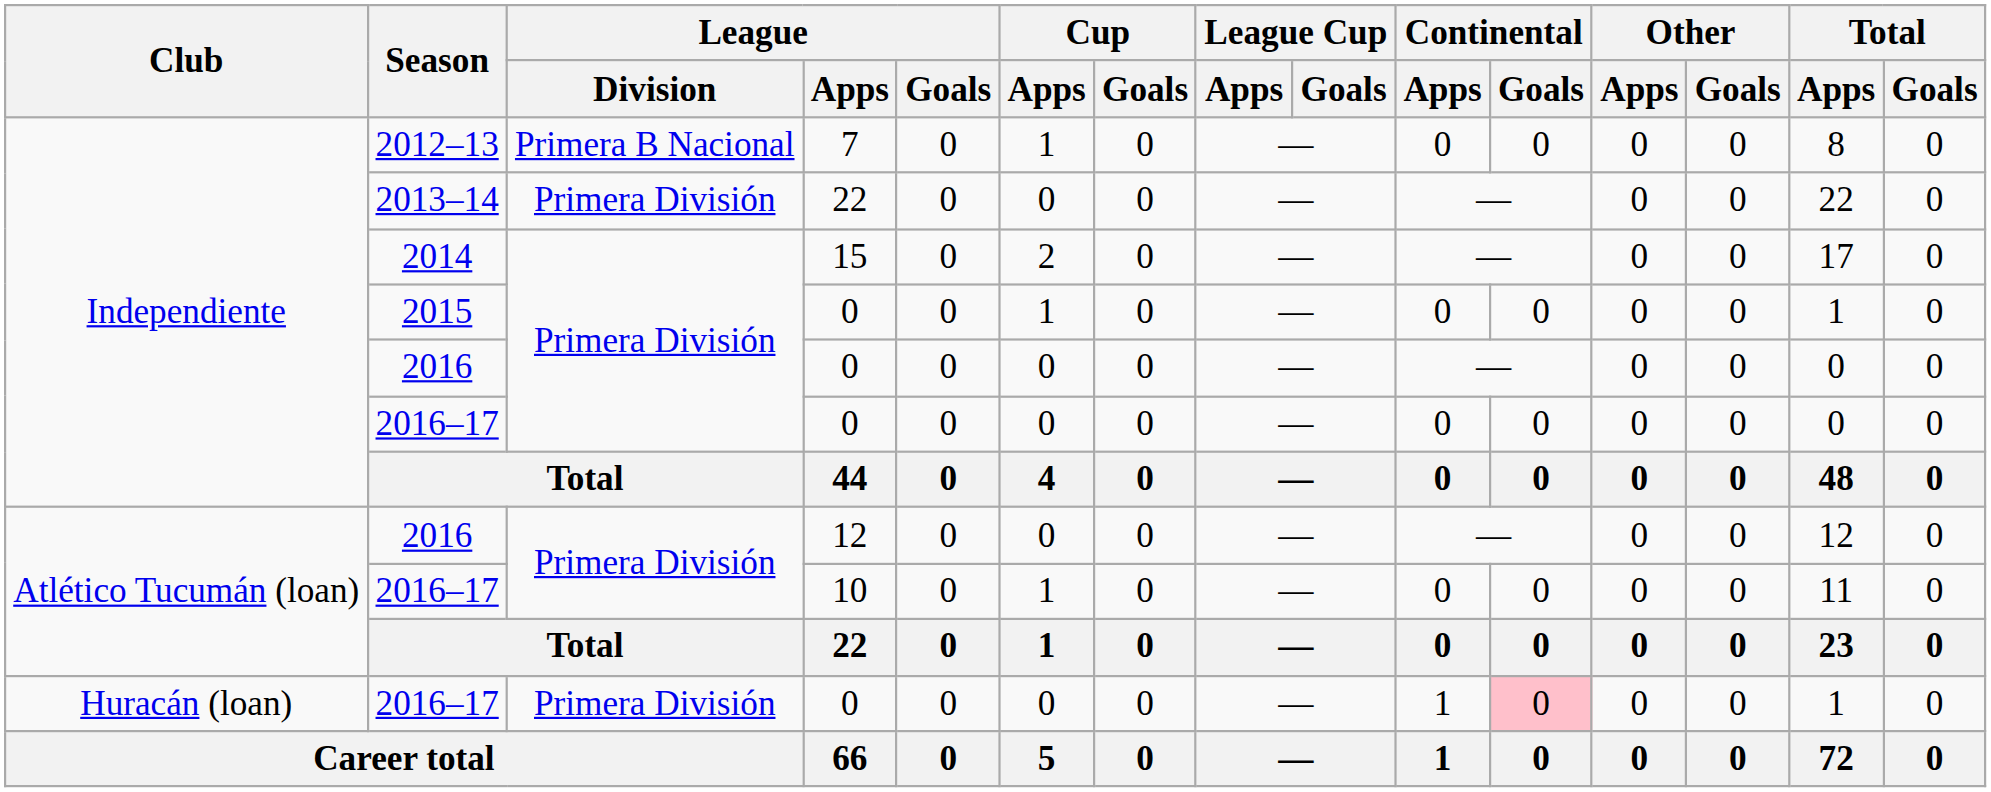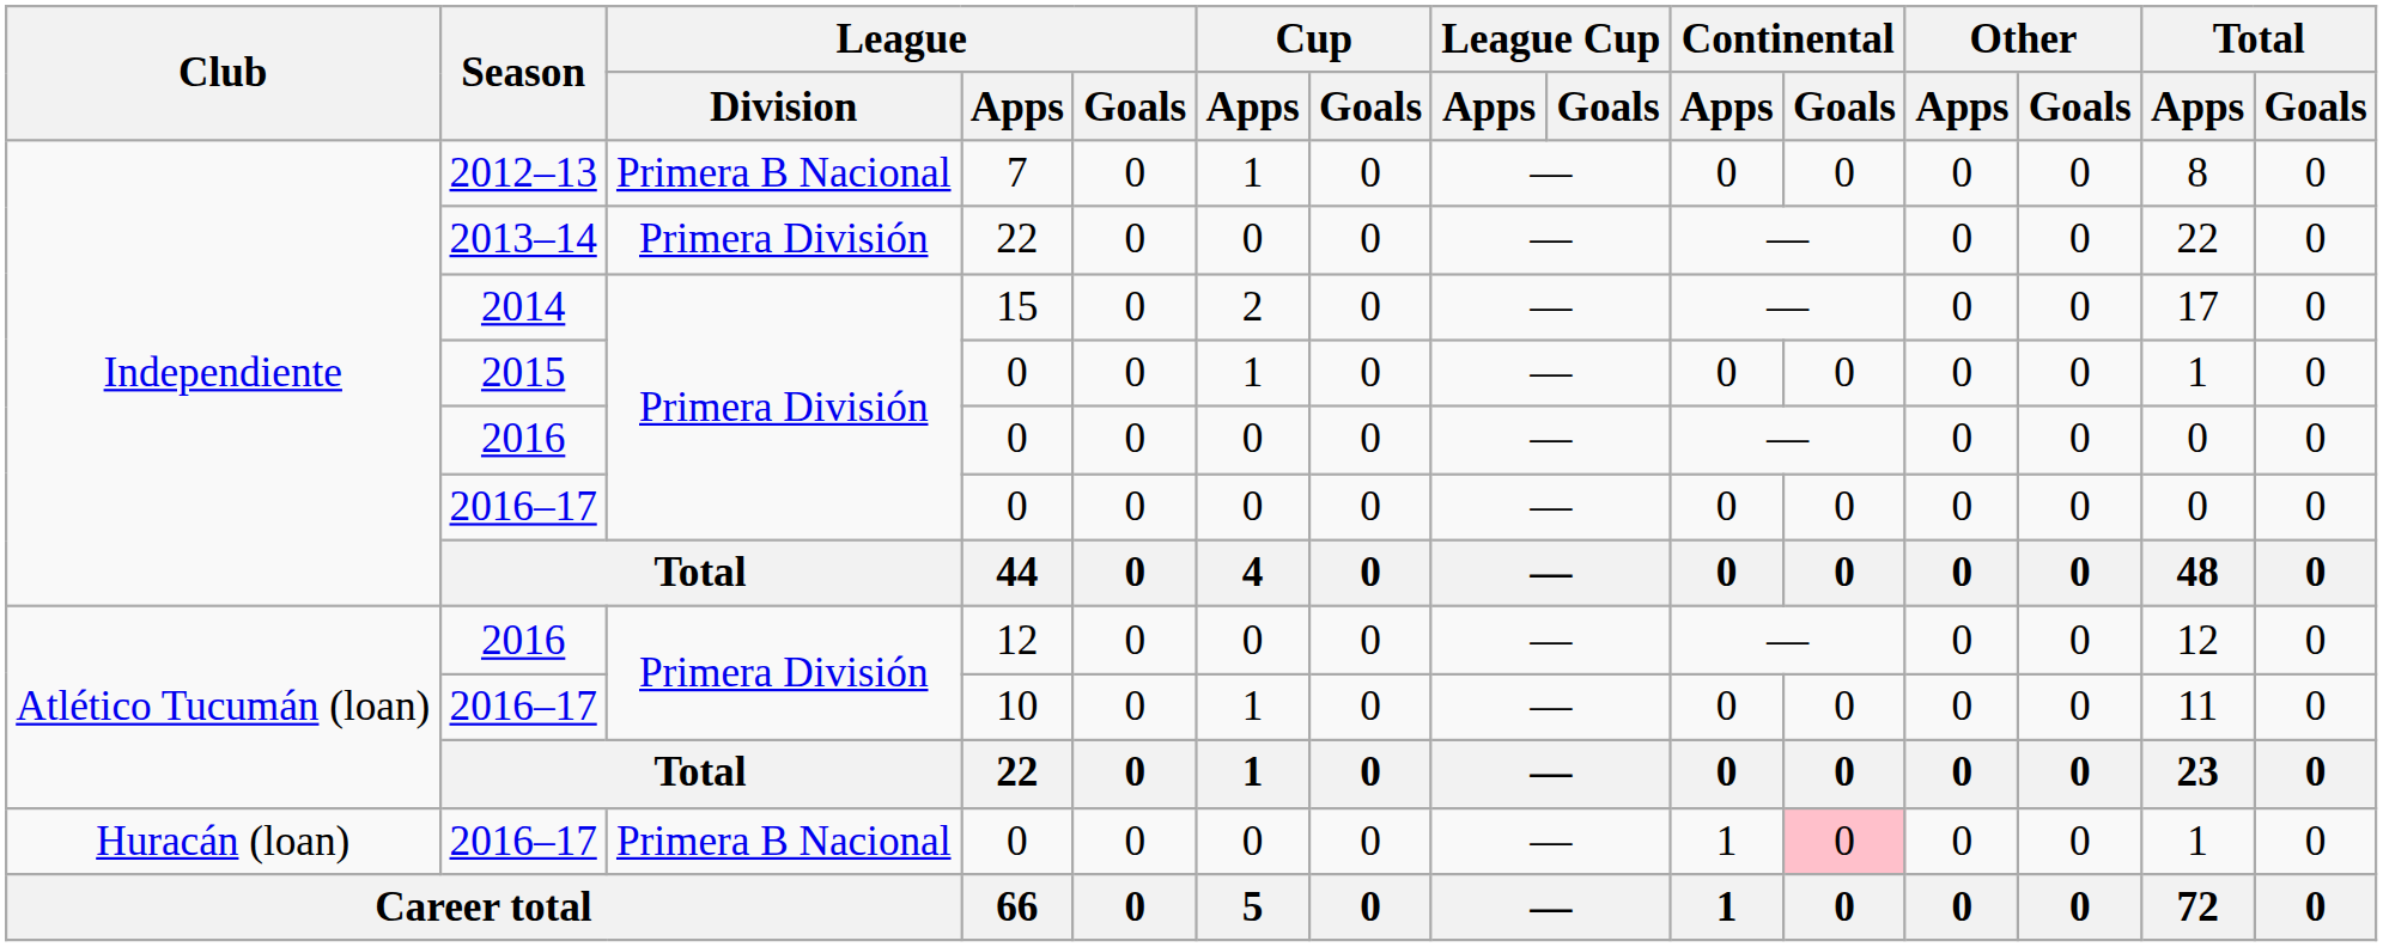 <table class="wikitable" style="text-align:center">
 <tr>
 <th rowspan="2">Club</th>
 <th rowspan="2">Season</th>
 <th colspan="3">League</th>
 <th colspan="2">Cup</th>
 <th colspan="2">League Cup</th>
 <th colspan="2">Continental</th>
 <th colspan="2">Other</th>
 <th colspan="2">Total</th>
 </tr>
 <tr>
 <th>Division</th>
 <th>Apps</th>
 <th>Goals</th>
 <th>Apps</th>
 <th>Goals</th>
 <th>Apps</th>
 <th>Goals</th>
 <th>Apps</th>
 <th>Goals</th>
 <th>Apps</th>
 <th>Goals</th>
 <th>Apps</th>
 <th>Goals</th>
 </tr>
 <tr>
 <td rowspan="7"><a href='#'>Independiente</a></td>
 <td><a href='#'>2012–13</a></td>
 <td rowspan="1"><a href='#'>Primera B Nacional</a></td>
 <td>7</td>
 <td>0</td>
 <td>1</td>
 <td>0</td>
 <td colspan="2">—</td>
 <td>0</td>
 <td>0</td>
 <td>0</td>
 <td>0</td>
 <td>8</td>
 <td>0</td>
 </tr>
 <tr>
 <td><a href='#'>2013–14</a></td>
 <td rowspan="1"><a href='#'>Primera División</a></td>
 <td>22</td>
 <td>0</td>
 <td>0</td>
 <td>0</td>
 <td colspan="2">—</td>
 <td colspan="2">—</td>
 <td>0</td>
 <td>0</td>
 <td>22</td>
 <td>0</td>
 </tr>
 <tr>
 <td><a href='#'>2014</a></td>
 <td rowspan="4"><a href='#'>Primera División</a></td>
 <td>15</td>
 <td>0</td>
 <td>2</td>
 <td>0</td>
 <td colspan="2">—</td>
 <td colspan="2">—</td>
 <td>0</td>
 <td>0</td>
 <td>17</td>
 <td>0</td>
 </tr>
 <tr>
 <td><a href='#'>2015</a></td>
 <td>0</td>
 <td>0</td>
 <td>1</td>
 <td>0</td>
 <td colspan="2">—</td>
 <td>0</td>
 <td>0</td>
 <td>0</td>
 <td>0</td>
 <td>1</td>
 <td>0</td>
 </tr>
 <tr>
 <td><a href='#'>2016</a></td>
 <td>0</td>
 <td>0</td>
 <td>0</td>
 <td>0</td>
 <td colspan="2">—</td>
 <td colspan="2">—</td>
 <td>0</td>
 <td>0</td>
 <td>0</td>
 <td>0</td>
 </tr>
 <tr>
 <td><a href='#'>2016–17</a></td>
 <td>0</td>
 <td>0</td>
 <td>0</td>
 <td>0</td>
 <td colspan="2">—</td>
 <td>0</td>
 <td>0</td>
 <td>0</td>
 <td>0</td>
 <td>0</td>
 <td>0</td>
 </tr>
 <tr>
 <th colspan="2">Total</th>
 <th>44</th>
 <th>0</th>
 <th>4</th>
 <th>0</th>
 <th colspan="2">—</th>
 <th>0</th>
 <th>0</th>
 <th>0</th>
 <th>0</th>
 <th>48</th>
 <th>0</th>
 </tr>
 <tr>
 <td rowspan="3"><a href='#'>Atlético Tucumán</a> (loan)</td>
 <td><a href='#'>2016</a></td>
 <td rowspan="2"><a href='#'>Primera División</a></td>
 <td>12</td>
 <td>0</td>
 <td>0</td>
 <td>0</td>
 <td colspan="2">—</td>
 <td colspan="2">—</td>
 <td>0</td>
 <td>0</td>
 <td>12</td>
 <td>0</td>
 </tr>
 <tr>
 <td><a href='#'>2016–17</a></td>
 <td>10</td>
 <td>0</td>
 <td>1</td>
 <td>0</td>
 <td colspan="2">—</td>
 <td>0</td>
 <td>0</td>
 <td>0</td>
 <td>0</td>
 <td>11</td>
 <td>0</td>
 </tr>
 <tr>
 <th colspan="2">Total</th>
 <th>22</th>
 <th>0</th>
 <th>1</th>
 <th>0</th>
 <th colspan="2">—</th>
 <th>0</th>
 <th>0</th>
 <th>0</th>
 <th>0</th>
 <th>23</th>
 <th>0</th>
 </tr>
 <tr>
 <td rowspan="1"><a href='#'>Huracán</a> (loan)</td>
 <td><a href='#'>2016–17</a></td>
-<td rowspan="1"><a href='#'>Primera División</a></td>
+<td rowspan="1"><a href='#'>Primera B Nacional</a></td>
 <td>0</td>
 <td>0</td>
 <td>0</td>
 <td>0</td>
 <td colspan="2">—</td>
 <td>1</td>
 <td style="background: pink;">0</td>
 <td>0</td>
 <td>0</td>
 <td>1</td>
 <td>0</td>
 </tr>
 <tr>
 <th colspan="3">Career total</th>
 <th>66</th>
 <th>0</th>
 <th>5</th>
 <th>0</th>
 <th colspan="2">—</th>
 <th>1</th>
 <th>0</th>
 <th>0</th>
 <th>0</th>
 <th>72</th>
 <th>0</th>
 </tr>
 </table>
